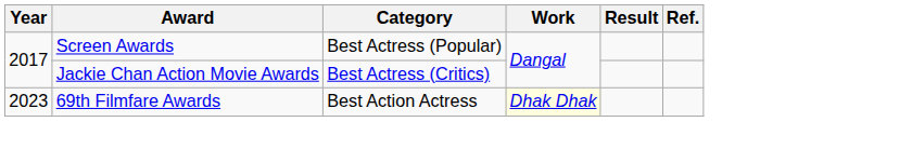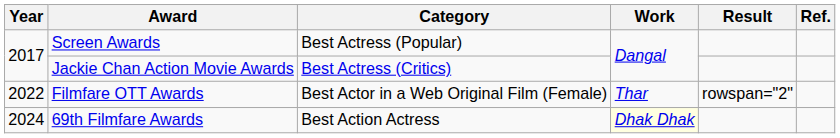 <table class="wikitable sortable">
 <tr>
 <th>Year</th>
 <th>Award</th>
 <th>Category</th>
 <th>Work</th>
 <th>Result</th>
 <th scope="col" class="unsortable">Ref.</th>
 </tr>
 <tr>
 <td rowspan="2">2017</td>
 <td><a href='#'>Screen Awards</a></td>
 <td>Best Actress (Popular)</td>
 <td rowspan="2"><em><a href='#'>Dangal</a></em></td>
 <td></td>
 <td></td>
 </tr>
 <tr>
 <td><a href='#'>Jackie Chan Action Movie Awards</a></td>
 <td><a href='#'>Best Actress (Critics)</a></td>
 <td></td>
 <td></td>
 </tr>
 <tr>
-<td>2023</td>
+<td>2022</td>
+<td><a href='#'>Filmfare OTT Awards</a></td>
+<td>Best Actor in a Web Original Film (Female)</td>
+<td><em><a href='#'>Thar</a></em></td>
+<td>rowspan="2" </td>
+<td></td>
+</tr>
+<tr>
+<td>2024</td>
 <td><a href='#'>69th Filmfare Awards</a></td>
 <td>Best Action Actress</td>
 <td style="background: lightyellow;"><em><a href='#'>Dhak Dhak</a></em></td>
 <td></td>
 </tr>
 </table>
